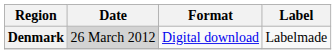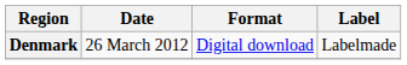 <table class="wikitable plainrowheaders">
 <tr>
 <th scope="col">Region</th>
 <th scope="col">Date</th>
 <th scope="col">Format</th>
 <th scope="col">Label</th>
 </tr>
 <tr>
 <th scope="row">Denmark</th>
-<td style="background: lightgrey;">26 March 2012</td>
+<td>26 March 2012</td>
 <td><a href='#'>Digital download</a></td>
 <td>Labelmade</td>
 </tr>
 <tr>
 </tr>
 </table>
